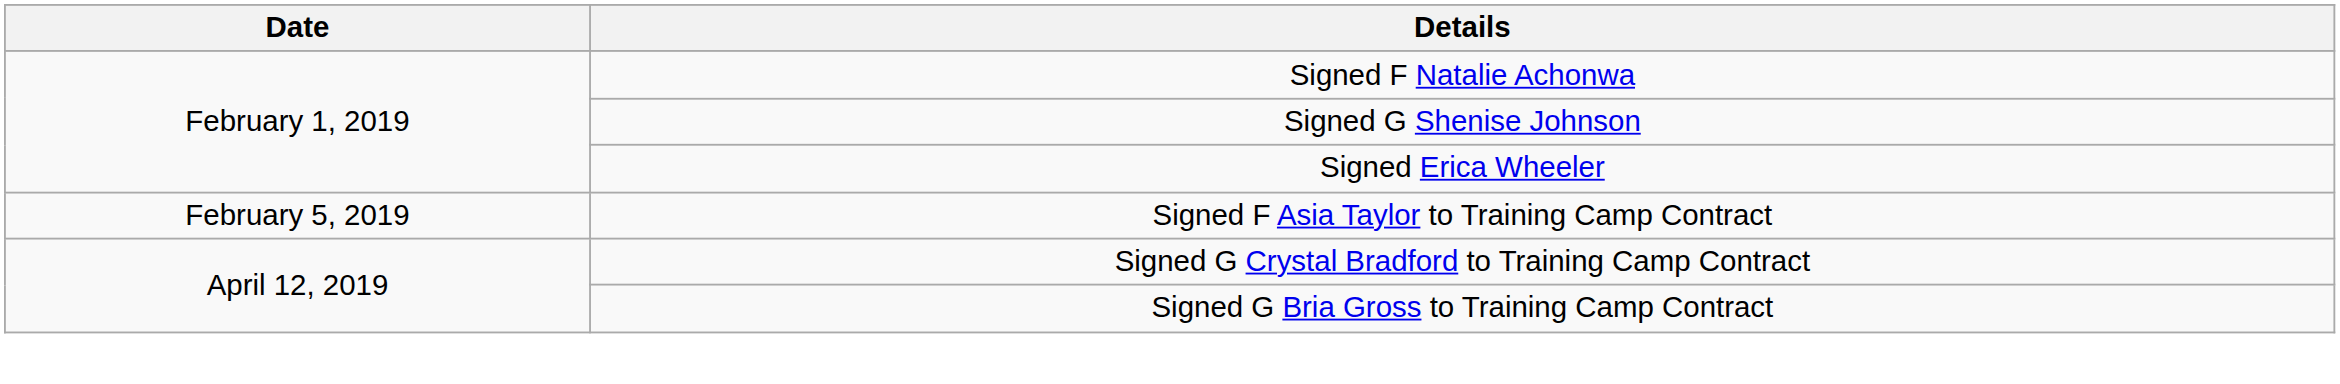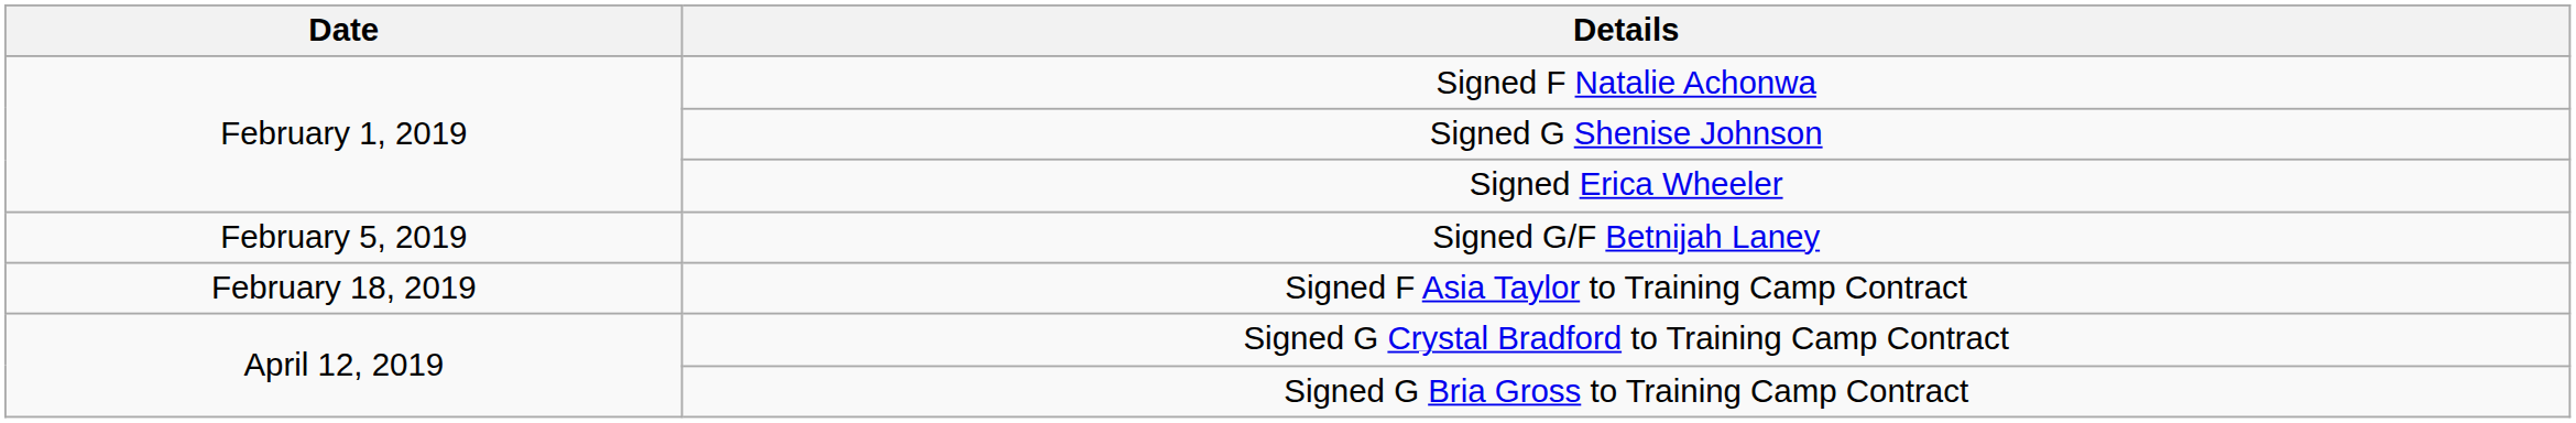 <table class="wikitable" style="width:80%; text-align:center;">
 <tr>
 <th>Date</th>
 <th>Details</th>
 </tr>
 <tr>
 <td rowspan=3>February 1, 2019</td>
 <td>Signed F <a href='#'>Natalie Achonwa</a></td>
 </tr>
 <tr>
 <td>Signed G <a href='#'>Shenise Johnson</a></td>
 </tr>
 <tr>
 <td>Signed <a href='#'>Erica Wheeler</a></td>
 </tr>
 <tr>
 <td>February 5, 2019</td>
+<td>Signed G/F <a href='#'>Betnijah Laney</a></td>
+</tr>
+<tr>
+<td>February 18, 2019</td>
 <td>Signed F <a href='#'>Asia Taylor</a> to Training Camp Contract</td>
 </tr>
 <tr>
 <td rowspan=2>April 12, 2019</td>
 <td>Signed G <a href='#'>Crystal Bradford</a> to Training Camp Contract</td>
 </tr>
 <tr>
 <td>Signed G <a href='#'>Bria Gross</a> to Training Camp Contract</td>
 </tr>
 </table>
